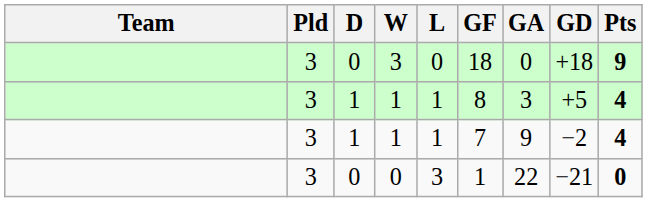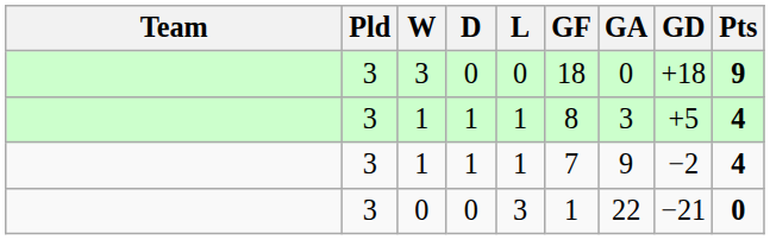 <table class="wikitable" style="text-align:center;">
 <tr>
 <th width=180>Team</th>
 <th width=20>Pld</th>
+<th width=20>W</th>
 <th width=20>D</th>
-<th width=20>W</th>
 <th width=20>L</th>
 <th width=20>GF</th>
 <th width=20>GA</th>
 <th width=20>GD</th>
 <th width=20>Pts</th>
 </tr>
 <tr bgcolor=ccffcc>
 <td align="left"></td>
 <td>3</td>
+<td>3</td>
 <td>0</td>
-<td>3</td>
 <td>0</td>
 <td>18</td>
 <td>0</td>
 <td>+18</td>
 <td><strong>9</strong></td>
 </tr>
 <tr bgcolor=ccffcc>
 <td align="left"></td>
 <td>3</td>
 <td>1</td>
 <td>1</td>
 <td>1</td>
 <td>8</td>
 <td>3</td>
 <td>+5</td>
 <td><strong>4</strong></td>
 </tr>
 <tr>
 <td align="left"></td>
 <td>3</td>
 <td>1</td>
 <td>1</td>
 <td>1</td>
 <td>7</td>
 <td>9</td>
 <td>−2</td>
 <td><strong>4</strong></td>
 </tr>
 <tr>
 <td align="left"><em></em></td>
 <td>3</td>
 <td>0</td>
 <td>0</td>
 <td>3</td>
 <td>1</td>
 <td>22</td>
 <td>−21</td>
 <td><strong>0</strong></td>
 </tr>
 </table>
